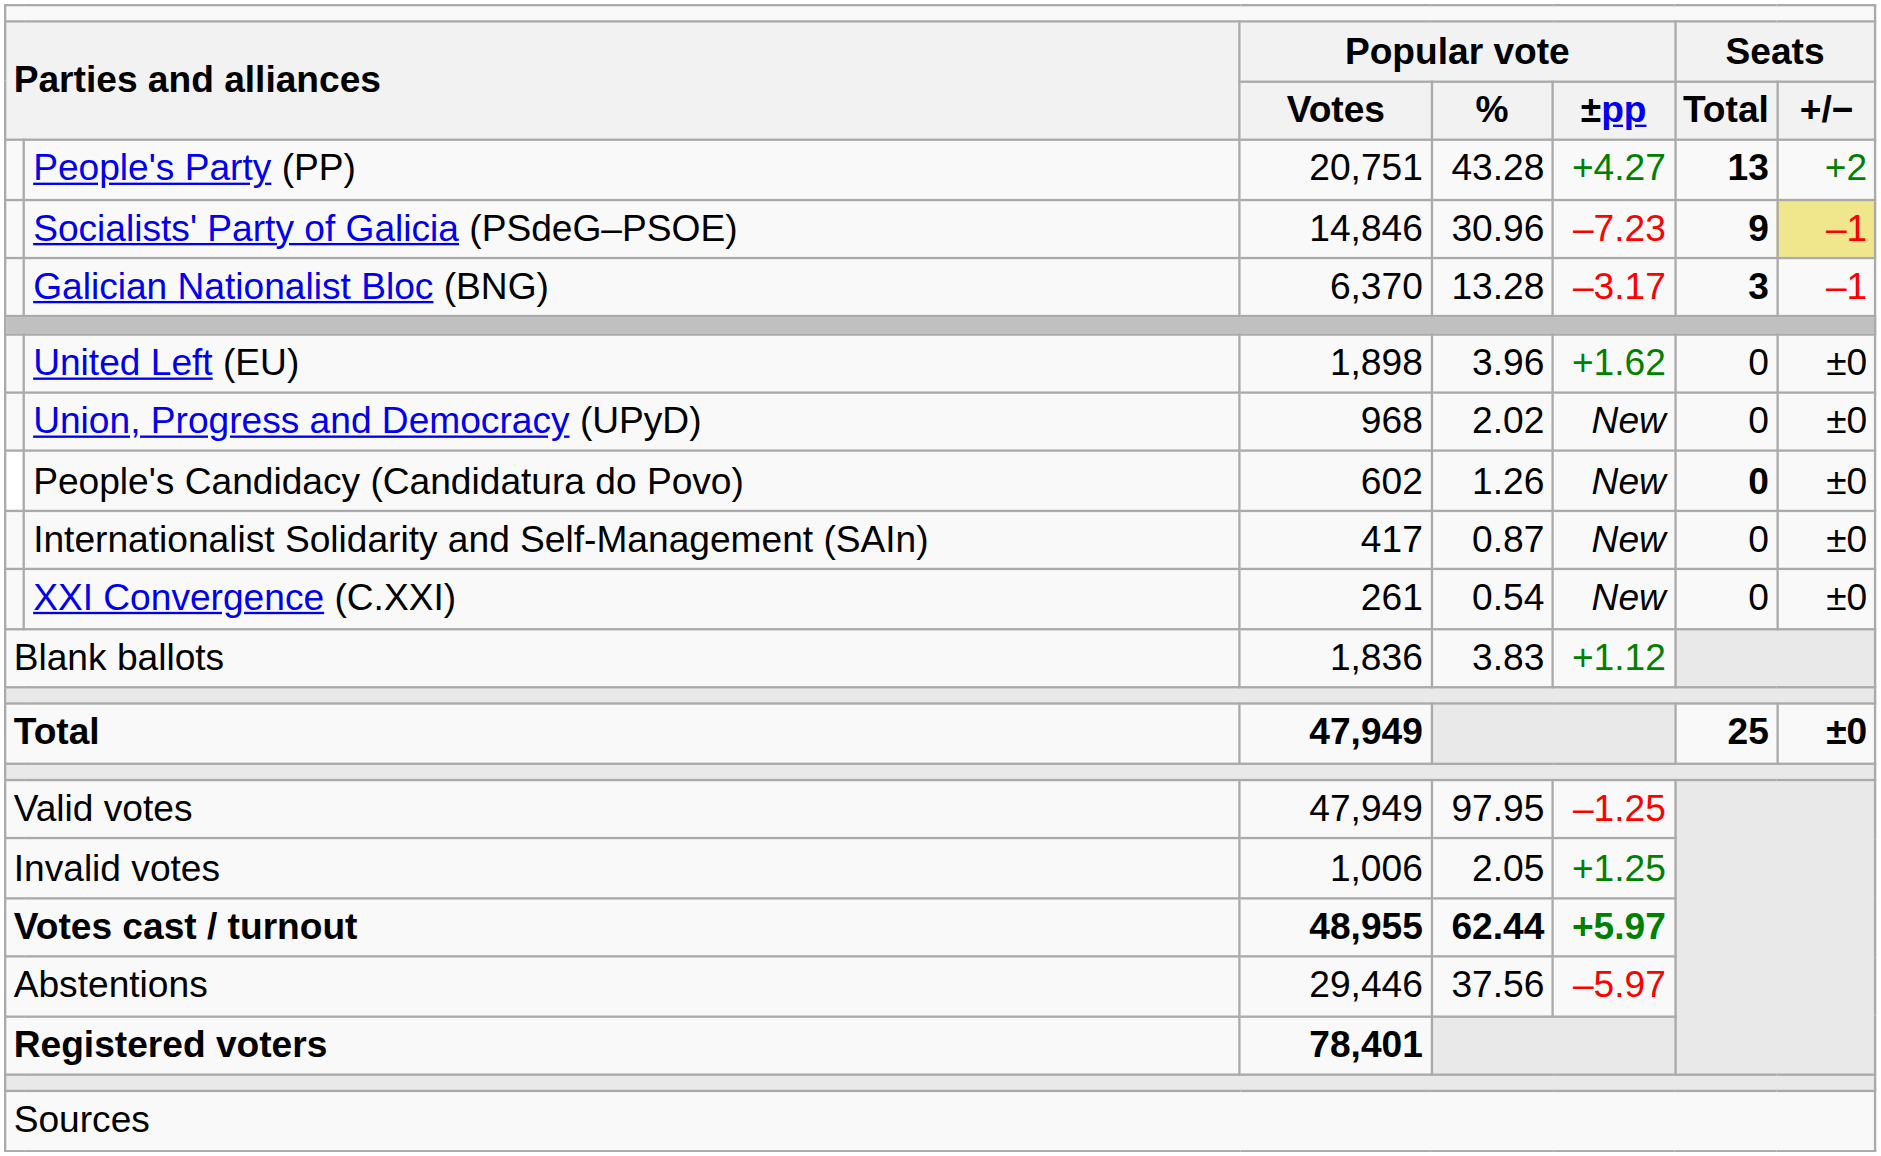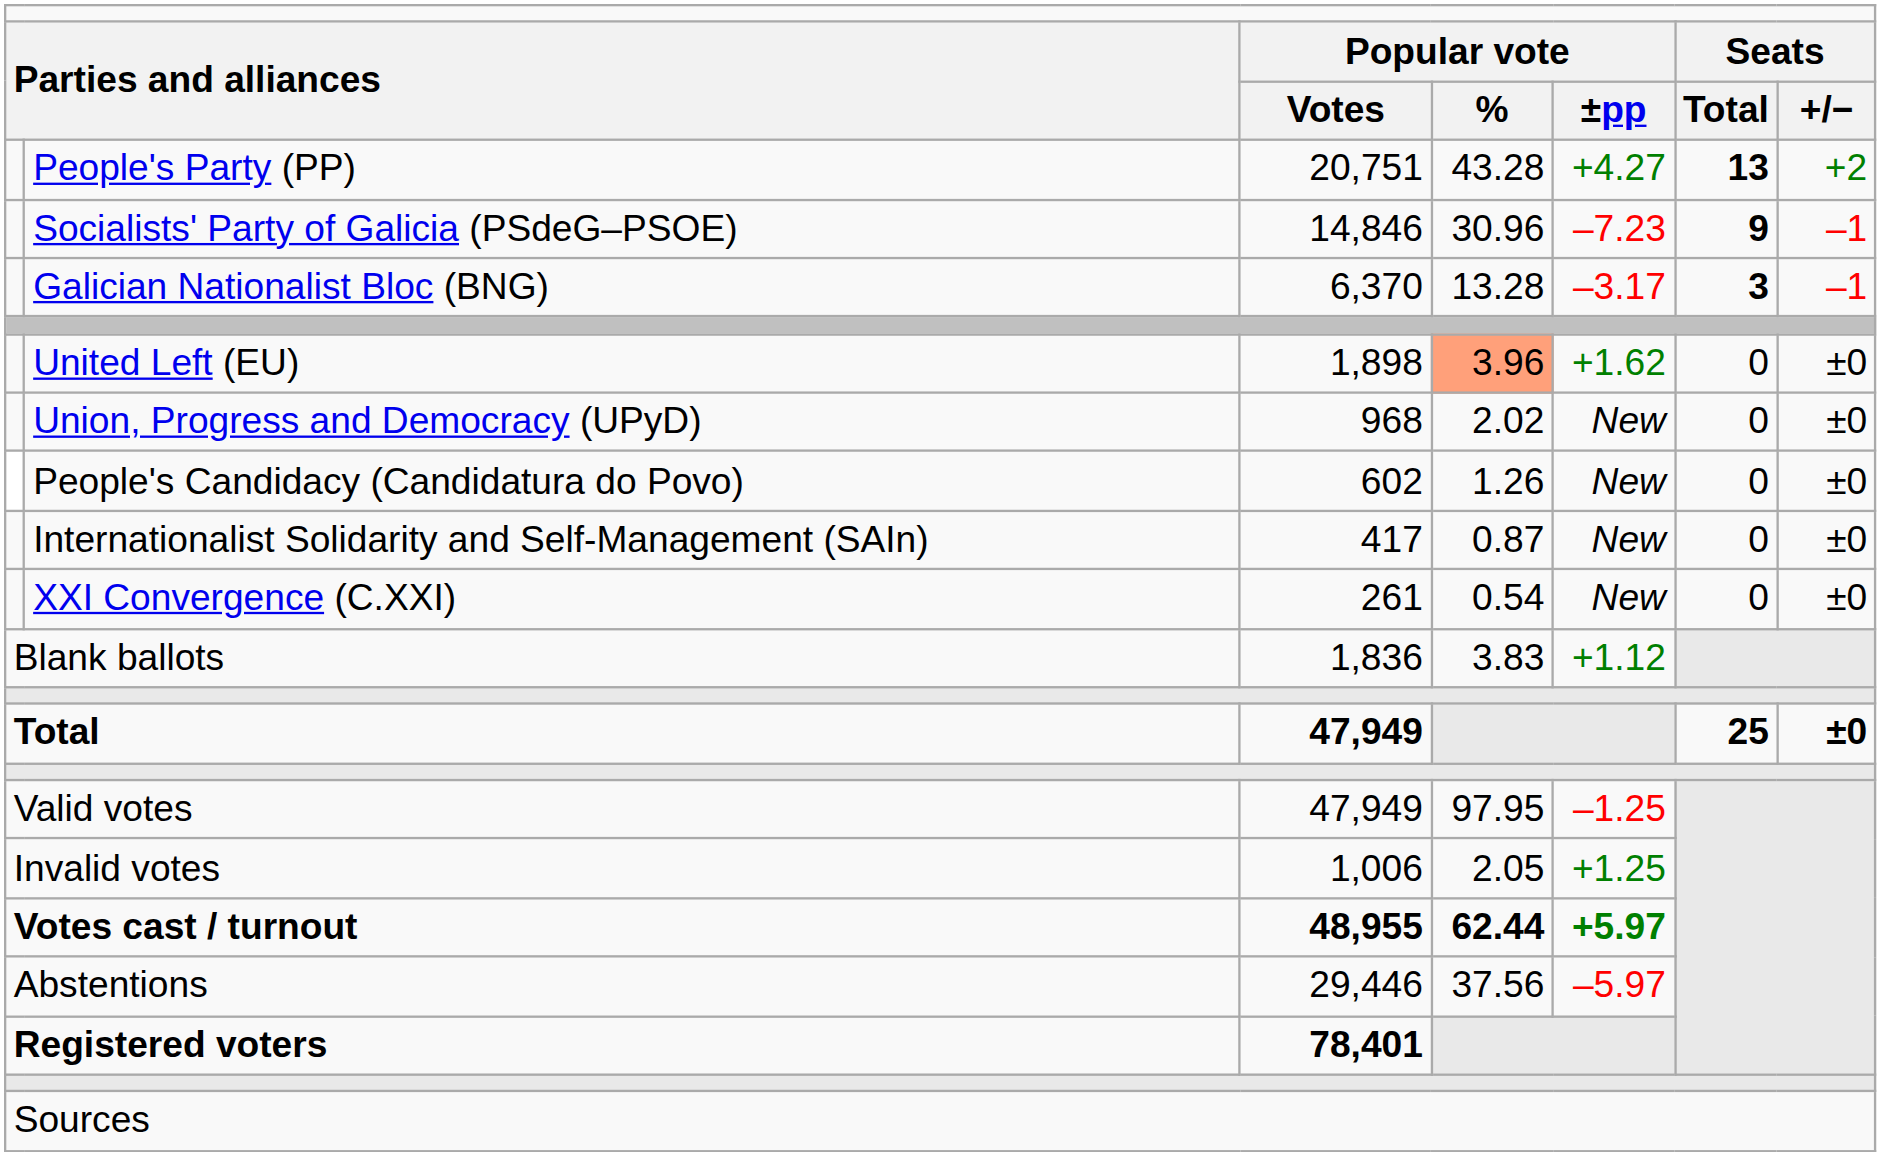 <table class="wikitable" style="text-align:right;">
 <tr>
 <td colspan="7"></td>
 </tr>
 <tr>
 <th style="text-align:left;" rowspan="2" colspan="2" width="525">Parties and alliances</th>
 <th colspan="3">Popular vote</th>
 <th colspan="2">Seats</th>
 </tr>
 <tr>
 <th width="75">Votes</th>
 <th width="45">%</th>
 <th width="45">±<a href='#'>pp</a></th>
 <th width="35">Total</th>
 <th width="35">+/−</th>
 </tr>
 <tr>
 <td width="1" style="color:inherit;background:"></td>
 <td align="left"><a href='#'>People's Party</a> (PP)</td>
 <td>20,751</td>
 <td>43.28</td>
 <td style="color:green;">+4.27</td>
 <td><strong>13</strong></td>
 <td style="color:green;">+2</td>
 </tr>
 <tr>
 <td style="color:inherit;background:"></td>
 <td align="left"><a href='#'>Socialists' Party of Galicia</a> (PSdeG–PSOE)</td>
 <td>14,846</td>
 <td>30.96</td>
 <td style="color:red;">–7.23</td>
 <td><strong>9</strong></td>
-<td style="background: khaki; color:red;">–1</td>
+<td style="color:red;">–1</td>
 </tr>
 <tr>
 <td style="color:inherit;background:"></td>
 <td align="left"><a href='#'>Galician Nationalist Bloc</a> (BNG)</td>
 <td>6,370</td>
 <td>13.28</td>
 <td style="color:red;">–3.17</td>
 <td><strong>3</strong></td>
 <td style="color:red;">–1</td>
 </tr>
 <tr>
 <td colspan="7" bgcolor="#C0C0C0"></td>
 </tr>
 <tr>
 <td style="color:inherit;background:"></td>
 <td align="left"><a href='#'>United Left</a> (EU)</td>
 <td>1,898</td>
-<td>3.96</td>
+<td style="background: lightsalmon;">3.96</td>
 <td style="color:green;">+1.62</td>
 <td>0</td>
 <td>±0</td>
 </tr>
 <tr>
 <td style="color:inherit;background:"></td>
 <td align="left"><a href='#'>Union, Progress and Democracy</a> (UPyD)</td>
 <td>968</td>
 <td>2.02</td>
 <td><em>New</em></td>
 <td>0</td>
 <td>±0</td>
 </tr>
 <tr>
 <td bgcolor="white"></td>
 <td align="left">People's Candidacy (Candidatura do Povo)</td>
 <td>602</td>
 <td>1.26</td>
 <td><em>New</em></td>
-<td><strong>0</strong></td>
+<td>0</td>
 <td>±0</td>
 </tr>
 <tr>
 <td style="color:inherit;background:"></td>
 <td align="left">Internationalist Solidarity and Self-Management (SAIn)</td>
 <td>417</td>
 <td>0.87</td>
 <td><em>New</em></td>
 <td>0</td>
 <td>±0</td>
 </tr>
 <tr>
 <td style="color:inherit;background:"></td>
 <td align="left"><a href='#'>XXI Convergence</a> (C.XXI)</td>
 <td>261</td>
 <td>0.54</td>
 <td><em>New</em></td>
 <td>0</td>
 <td>±0</td>
 </tr>
 <tr>
 <td align="left" colspan="2">Blank ballots</td>
 <td>1,836</td>
 <td>3.83</td>
 <td style="color:green;">+1.12</td>
 <td bgcolor="#E9E9E9" colspan="2"></td>
 </tr>
 <tr>
 <td colspan="7" bgcolor="#E9E9E9"></td>
 </tr>
 <tr style="font-weight:bold;">
 <td align="left" colspan="2">Total</td>
 <td>47,949</td>
 <td bgcolor="#E9E9E9" colspan="2"></td>
 <td>25</td>
 <td>±0</td>
 </tr>
 <tr>
 <td colspan="7" bgcolor="#E9E9E9"></td>
 </tr>
 <tr>
 <td align="left" colspan="2">Valid votes</td>
 <td>47,949</td>
 <td>97.95</td>
 <td style="color:red;">–1.25</td>
 <td bgcolor="#E9E9E9" colspan="2" rowspan="5"></td>
 </tr>
 <tr>
 <td align="left" colspan="2">Invalid votes</td>
 <td>1,006</td>
 <td>2.05</td>
 <td style="color:green;">+1.25</td>
 </tr>
 <tr style="font-weight:bold;">
 <td align="left" colspan="2">Votes cast / turnout</td>
 <td>48,955</td>
 <td>62.44</td>
 <td style="color:green;">+5.97</td>
 </tr>
 <tr>
 <td align="left" colspan="2">Abstentions</td>
 <td>29,446</td>
 <td>37.56</td>
 <td style="color:red;">–5.97</td>
 </tr>
 <tr style="font-weight:bold;">
 <td align="left" colspan="2">Registered voters</td>
 <td>78,401</td>
 <td bgcolor="#E9E9E9" colspan="2"></td>
 </tr>
 <tr>
 <td colspan="7" bgcolor="#E9E9E9"></td>
 </tr>
 <tr>
 <td align="left" colspan="7">Sources</td>
 </tr>
 </table>
